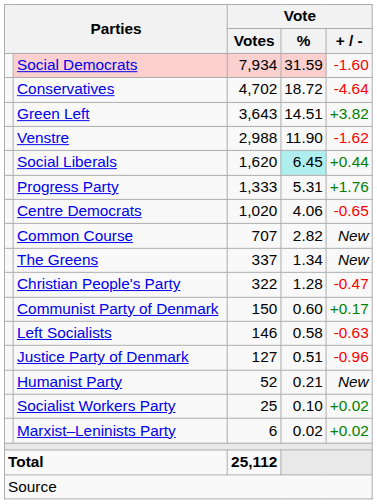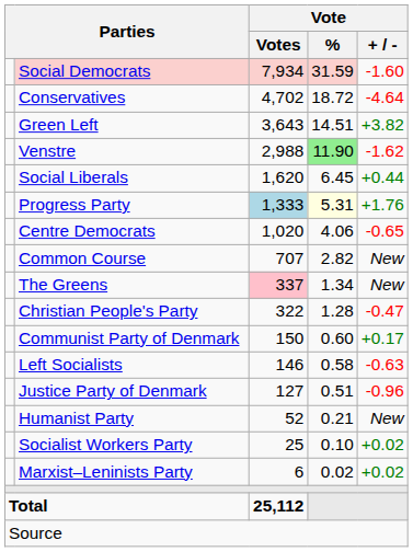 <table class="wikitable" style="text-align:right;">
 <tr>
 <th style="text-align:centre;" rowspan="2" colspan="2" width="225">Parties</th>
 <th colspan="3">Vote</th>
 </tr>
 <tr>
 <th width="15">Votes</th>
 <th width="15">%</th>
 <th width="15">+ / -</th>
 </tr>
 <tr>
 <td width="2" style="color:inherit;background:"></td>
 <td bgcolor=#fbd0ce  align="left"><a href='#'>Social Democrats</a></td>
 <td bgcolor=#fbd0ce>7,934</td>
 <td bgcolor=#fbd0ce>31.59</td>
 <td style=color:red;>-1.60</td>
 </tr>
 <tr>
 <td width="2" style="color:inherit;background:"></td>
 <td align="left"><a href='#'>Conservatives</a></td>
 <td>4,702</td>
 <td>18.72</td>
 <td style=color:red;>-4.64</td>
 </tr>
 <tr>
 <td width="2" style="color:inherit;background:"></td>
 <td align="left"><a href='#'>Green Left</a></td>
 <td>3,643</td>
 <td>14.51</td>
 <td style=color:green;>+3.82</td>
 </tr>
 <tr>
 <td width="2" style="color:inherit;background:"></td>
 <td align="left"><a href='#'>Venstre</a></td>
 <td>2,988</td>
-<td>11.90</td>
+<td style="background: lightgreen;">11.90</td>
 <td style=color:red;>-1.62</td>
 </tr>
 <tr>
 <td width="2" style="color:inherit;background:"></td>
 <td align="left"><a href='#'>Social Liberals</a></td>
 <td>1,620</td>
-<td style="background: paleturquoise;">6.45</td>
+<td>6.45</td>
 <td style=color:green;>+0.44</td>
 </tr>
 <tr>
 <td width="2" style="color:inherit;background:"></td>
 <td align="left"><a href='#'>Progress Party</a></td>
-<td>1,333</td>
-<td>5.31</td>
+<td style="background: lightblue;">1,333</td>
+<td style="background: lightyellow;">5.31</td>
 <td style=color:green;>+1.76</td>
 </tr>
 <tr>
 <td width="2" style="color:inherit;background:"></td>
 <td align="left"><a href='#'>Centre Democrats</a></td>
 <td>1,020</td>
 <td>4.06</td>
 <td style=color:red;>-0.65</td>
 </tr>
 <tr>
 <td width="2" style="color:inherit;background:"></td>
 <td align="left"><a href='#'>Common Course</a></td>
 <td>707</td>
 <td>2.82</td>
 <td><em>New</em></td>
 </tr>
 <tr>
 <td width="2" style="color:inherit;background:"></td>
 <td align="left"><a href='#'>The Greens</a></td>
-<td>337</td>
+<td style="background: pink;">337</td>
 <td>1.34</td>
 <td><em>New</em></td>
 </tr>
 <tr>
 <td width="2" style="color:inherit;background:"></td>
 <td align="left"><a href='#'>Christian People's Party</a></td>
 <td>322</td>
 <td>1.28</td>
 <td style=color:red;>-0.47</td>
 </tr>
 <tr>
 <td width="2" style="color:inherit;background:"></td>
 <td align="left"><a href='#'>Communist Party of Denmark</a></td>
 <td>150</td>
 <td>0.60</td>
 <td style=color:green;>+0.17</td>
 </tr>
 <tr>
 <td width="2" style="color:inherit;background:"></td>
 <td align="left"><a href='#'>Left Socialists</a></td>
 <td>146</td>
 <td>0.58</td>
 <td style=color:red;>-0.63</td>
 </tr>
 <tr>
 <td width="2" style="color:inherit;background:"></td>
 <td align="left"><a href='#'>Justice Party of Denmark</a></td>
 <td>127</td>
 <td>0.51</td>
 <td style=color:red;>-0.96</td>
 </tr>
 <tr>
 <td width="2" style="color:inherit;background:"></td>
 <td align="left"><a href='#'>Humanist Party</a></td>
 <td>52</td>
 <td>0.21</td>
 <td><em>New</em></td>
 </tr>
 <tr>
 <td width="2" style="color:inherit;background:"></td>
 <td align="left"><a href='#'>Socialist Workers Party</a></td>
 <td>25</td>
 <td>0.10</td>
 <td style=color:green;>+0.02</td>
 </tr>
 <tr>
 <td width="2" style="color:inherit;background:"></td>
 <td align="left"><a href='#'>Marxist–Leninists Party</a></td>
 <td>6</td>
 <td>0.02</td>
 <td style=color:green;>+0.02</td>
 </tr>
 <tr>
 <td colspan="7" bgcolor="#E9E9E9"></td>
 </tr>
 <tr>
 <td align="left" colspan="2"><strong>Total</strong></td>
 <td><strong>25,112</strong></td>
 <td bgcolor="#E9E9E9" colspan="2"></td>
 </tr>
 <tr>
 <td align="left" colspan="6">Source</td>
 </tr>
 </table>
